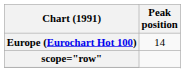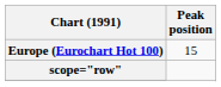 <table class="wikitable sortable plainrowheaders">
 <tr>
 <th>Chart (1991)</th>
 <th>Peak<br>position</th>
 </tr>
 <tr>
 <th scope="row">Europe (<a href='#'>Eurochart Hot 100</a>)</th>
-<td align="center">14</td>
+<td align="center">15</td>
 </tr>
 <tr>
 <th>scope="row"</th>
 </tr>
 <tr>
 </tr>
 </table>
